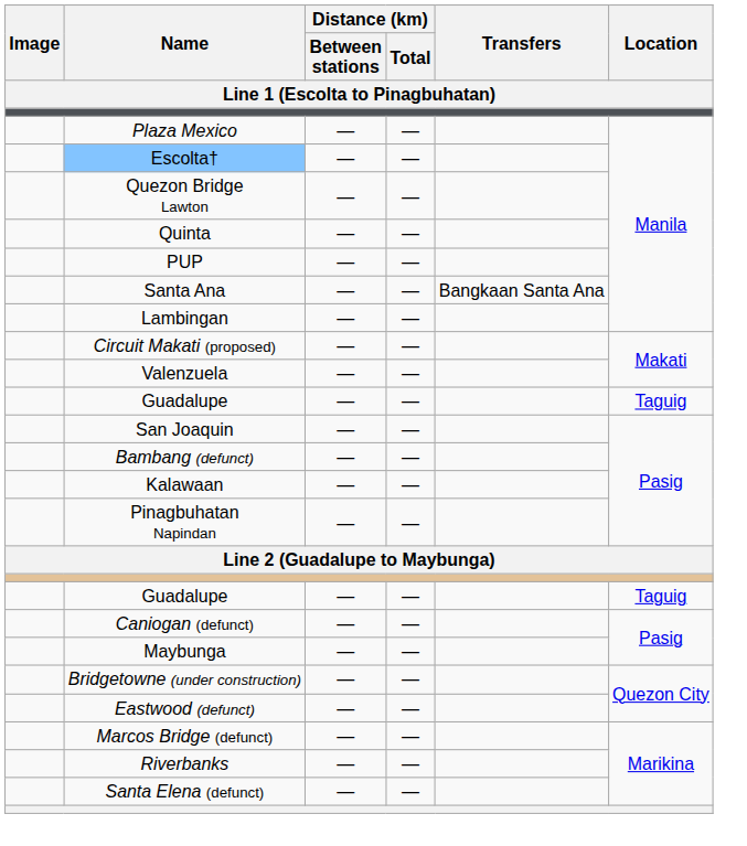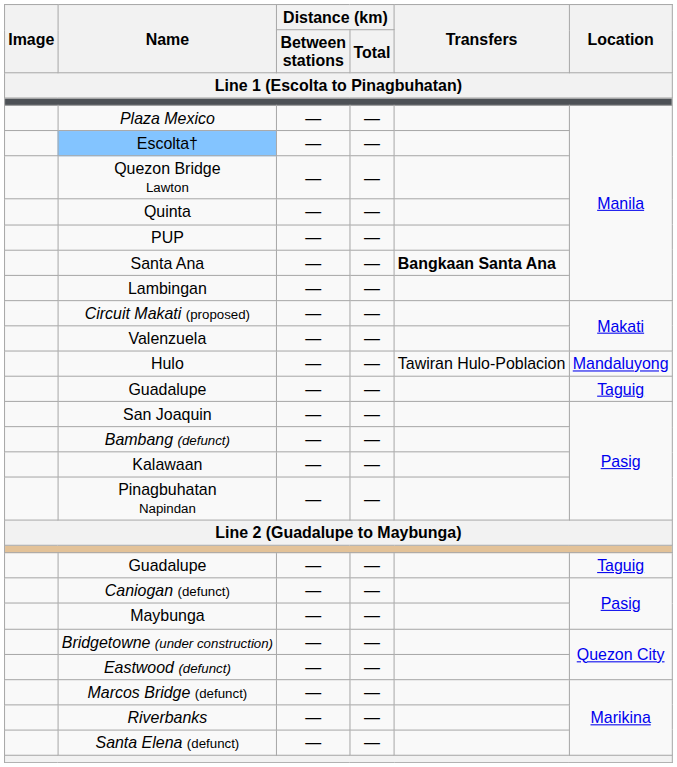 <table class="wikitable collapsible" style="text-align:center;font-size:95%;">
 <tr>
 <th rowspan="2">Image</th>
 <th rowspan="2">Name</th>
 <th colspan="2">Distance (km)</th>
 <th rowspan="2">Transfers</th>
 <th rowspan="2">Location</th>
 </tr>
 <tr>
 <th>Between<br>stations</th>
 <th>Total</th>
 </tr>
 <tr>
 <th colspan="6">Line 1 (Escolta to Pinagbuhatan)</th>
 </tr>
 <tr style = "background:#4d5156; height: 2pt">
 <td colspan="6"></td>
 </tr>
 <tr>
 <td></td>
 <td><em>Plaza Mexico</em></td>
 <td>—</td>
 <td>—</td>
 <td></td>
 <td rowspan="7"><a href='#'>Manila</a></td>
 </tr>
 <tr>
 <td></td>
 <td style="background-color:#83c4ff">Escolta†</td>
 <td>—</td>
 <td>—</td>
 <td style="text-align:left"></td>
 </tr>
 <tr>
 <td></td>
 <td>Quezon Bridge<br><small>Lawton</small></td>
 <td>—</td>
 <td>—</td>
 <td style="text-align:left"><br> </td>
 </tr>
 <tr>
 <td></td>
 <td>Quinta</td>
 <td>—</td>
 <td>—</td>
 <td style="text-align:left"><br></td>
 </tr>
 <tr>
 <td></td>
 <td>PUP</td>
 <td>—</td>
 <td>—</td>
 <td style="text-align:left"><br>  </td>
 </tr>
 <tr>
 <td></td>
 <td>Santa Ana</td>
 <td>—</td>
 <td>—</td>
-<td style="text-align:left"> Bangkaan Santa Ana</td>
+<td style="text-align:left"><strong> Bangkaan Santa Ana</strong></td>
 </tr>
 <tr>
 <td></td>
 <td>Lambingan</td>
 <td>—</td>
 <td>—</td>
 <td></td>
 </tr>
 <tr>
 <td></td>
 <td><em>Circuit Makati</em> <small>(proposed)</small></td>
 <td>—</td>
 <td>—</td>
 <td style="text-align:left"></td>
 <td rowspan="2"><a href='#'>Makati</a></td>
 </tr>
 <tr>
 <td></td>
 <td>Valenzuela</td>
 <td>—</td>
 <td>—</td>
 <td></td>
+</tr>
+<tr>
+<td></td>
+<td>Hulo</td>
+<td>—</td>
+<td>—</td>
+<td style="text-align:left"> Tawiran Hulo-Poblacion</td>
+<td><a href='#'>Mandaluyong</a></td>
 </tr>
 <tr>
 <td></td>
 <td>Guadalupe</td>
 <td>—</td>
 <td>—</td>
 <td style="text-align:left"><br></td>
 <td><a href='#'>Taguig</a></td>
 </tr>
 <tr>
 <td></td>
 <td>San Joaquin</td>
 <td>—</td>
 <td>—</td>
 <td></td>
 <td rowspan="4"><a href='#'>Pasig</a></td>
 </tr>
 <tr>
 <td></td>
 <td><em>Bambang</em>  <small><em>(defunct)</em></small></td>
 <td>—</td>
 <td>—</td>
 <td></td>
 </tr>
 <tr>
 <td></td>
 <td>Kalawaan</td>
 <td>—</td>
 <td>—</td>
 <td></td>
 </tr>
 <tr>
 <td></td>
 <td>Pinagbuhatan<br><small>Napindan</small></td>
 <td>—</td>
 <td>—</td>
 <td></td>
 </tr>
 <tr>
 <th colspan="6">Line 2 (Guadalupe to Maybunga)</th>
 </tr>
 <tr style = "background:#e3c298; height: 2pt">
 <td colspan="6"></td>
 </tr>
 <tr>
 <td></td>
 <td>Guadalupe</td>
 <td>—</td>
 <td>—</td>
 <td style="text-align:left"><br></td>
 <td><a href='#'>Taguig</a></td>
 </tr>
 <tr>
 <td></td>
 <td><em>Caniogan</em> <small>(defunct)</small></td>
 <td>—</td>
 <td>—</td>
 <td></td>
 <td rowspan="2"><a href='#'>Pasig</a></td>
 </tr>
 <tr>
 <td></td>
 <td>Maybunga</td>
 <td>—</td>
 <td>—</td>
 <td></td>
 </tr>
 <tr>
 <td></td>
 <td><em>Bridgetowne</em> <small><em>(under construction)</em></small></td>
 <td>—</td>
 <td>—</td>
 <td style="text-align:left"> </td>
 <td rowspan=2><a href='#'>Quezon City</a></td>
 </tr>
 <tr>
 <td></td>
 <td><em>Eastwood</em> <small><em>(defunct)</em></small></td>
 <td>—</td>
 <td>—</td>
 <td style="text-align:left"></td>
 </tr>
 <tr>
 <td></td>
 <td><em>Marcos Bridge</em> <small>(defunct)</small></td>
 <td>—</td>
 <td>—</td>
 <td></td>
 <td rowspan="3"><a href='#'>Marikina</a></td>
 </tr>
 <tr>
 <td></td>
 <td><em>Riverbanks</em></td>
 <td>—</td>
 <td>—</td>
 <td style="text-align:left"></td>
 </tr>
 <tr>
 <td></td>
 <td><em>Santa Elena</em> <small>(defunct)</small></td>
 <td>—</td>
 <td>—</td>
 <td></td>
 </tr>
 <tr>
 <th colspan="6"></th>
 </tr>
 </table>
